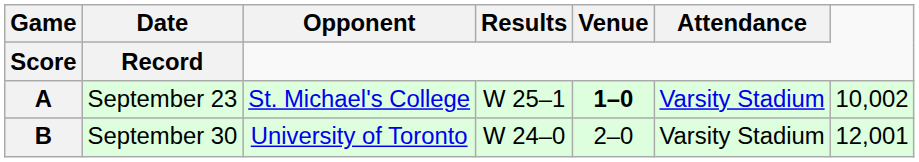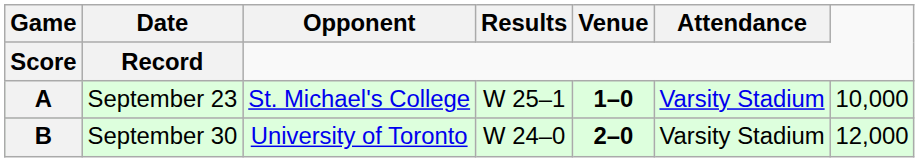 <table class="wikitable" style="text-align:center">
 <tr>
 <th>Game</th>
 <th>Date</th>
 <th>Opponent</th>
 <th>Results</th>
 <th>Venue</th>
 <th>Attendance</th>
 </tr>
 <tr>
 <th>Score</th>
 <th>Record</th>
 </tr>
 <tr style="background:#ddffdd">
 <th>A</th>
 <td>September 23</td>
 <td><a href='#'>St. Michael's College</a></td>
 <td>W 25–1</td>
 <td><strong>1–0</strong></td>
 <td><a href='#'>Varsity Stadium</a></td>
-<td>10,002</td>
+<td>10,000</td>
 </tr>
 <tr style="background:#ddffdd">
 <th>B</th>
 <td>September 30</td>
 <td><a href='#'>University of Toronto</a></td>
 <td>W 24–0</td>
-<td>2–0</td>
+<td><strong>2–0</strong></td>
 <td>Varsity Stadium</td>
-<td>12,001</td>
+<td>12,000</td>
 </tr>
 </table>
